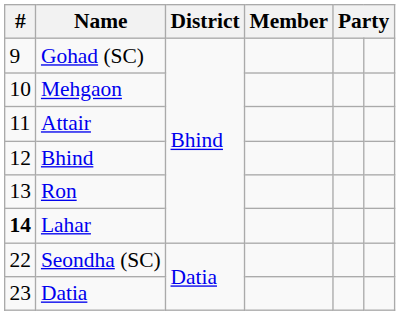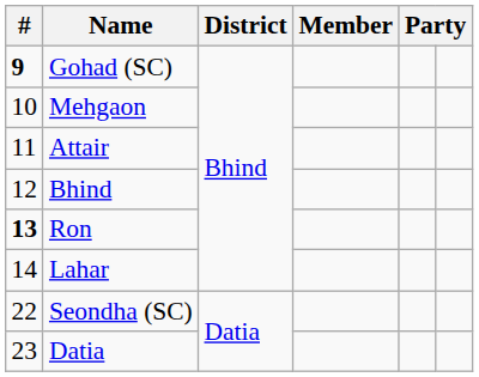 <table class="wikitable">
 <tr>
 <th>#</th>
 <th>Name</th>
 <th>District</th>
 <th>Member</th>
 <th colspan="2">Party</th>
 </tr>
 <tr>
-<td>9</td>
+<td><strong>9</strong></td>
 <td><a href='#'>Gohad</a> (SC)</td>
 <td rowspan="6"><a href='#'>Bhind</a></td>
 <td></td>
 <td></td>
 <td></td>
 </tr>
 <tr>
 <td>10</td>
 <td><a href='#'>Mehgaon</a></td>
 <td></td>
 <td></td>
 <td></td>
 </tr>
 <tr>
 <td>11</td>
 <td><a href='#'>Attair</a></td>
 <td></td>
 <td></td>
 <td></td>
 </tr>
 <tr>
 <td>12</td>
 <td><a href='#'>Bhind</a></td>
 <td></td>
 <td></td>
 <td></td>
 </tr>
 <tr>
-<td>13</td>
+<td><strong>13</strong></td>
 <td><a href='#'>Ron</a></td>
 <td></td>
 <td></td>
 <td></td>
 </tr>
 <tr>
-<td><strong>14</strong></td>
+<td>14</td>
 <td><a href='#'>Lahar</a></td>
 <td></td>
 <td></td>
 <td></td>
 </tr>
 <tr>
 <td>22</td>
 <td><a href='#'>Seondha</a> (SC)</td>
 <td rowspan="2"><a href='#'>Datia</a></td>
 <td></td>
 <td></td>
 <td></td>
 </tr>
 <tr>
 <td>23</td>
 <td><a href='#'>Datia</a></td>
 <td></td>
 <td></td>
 <td></td>
 </tr>
 </table>
